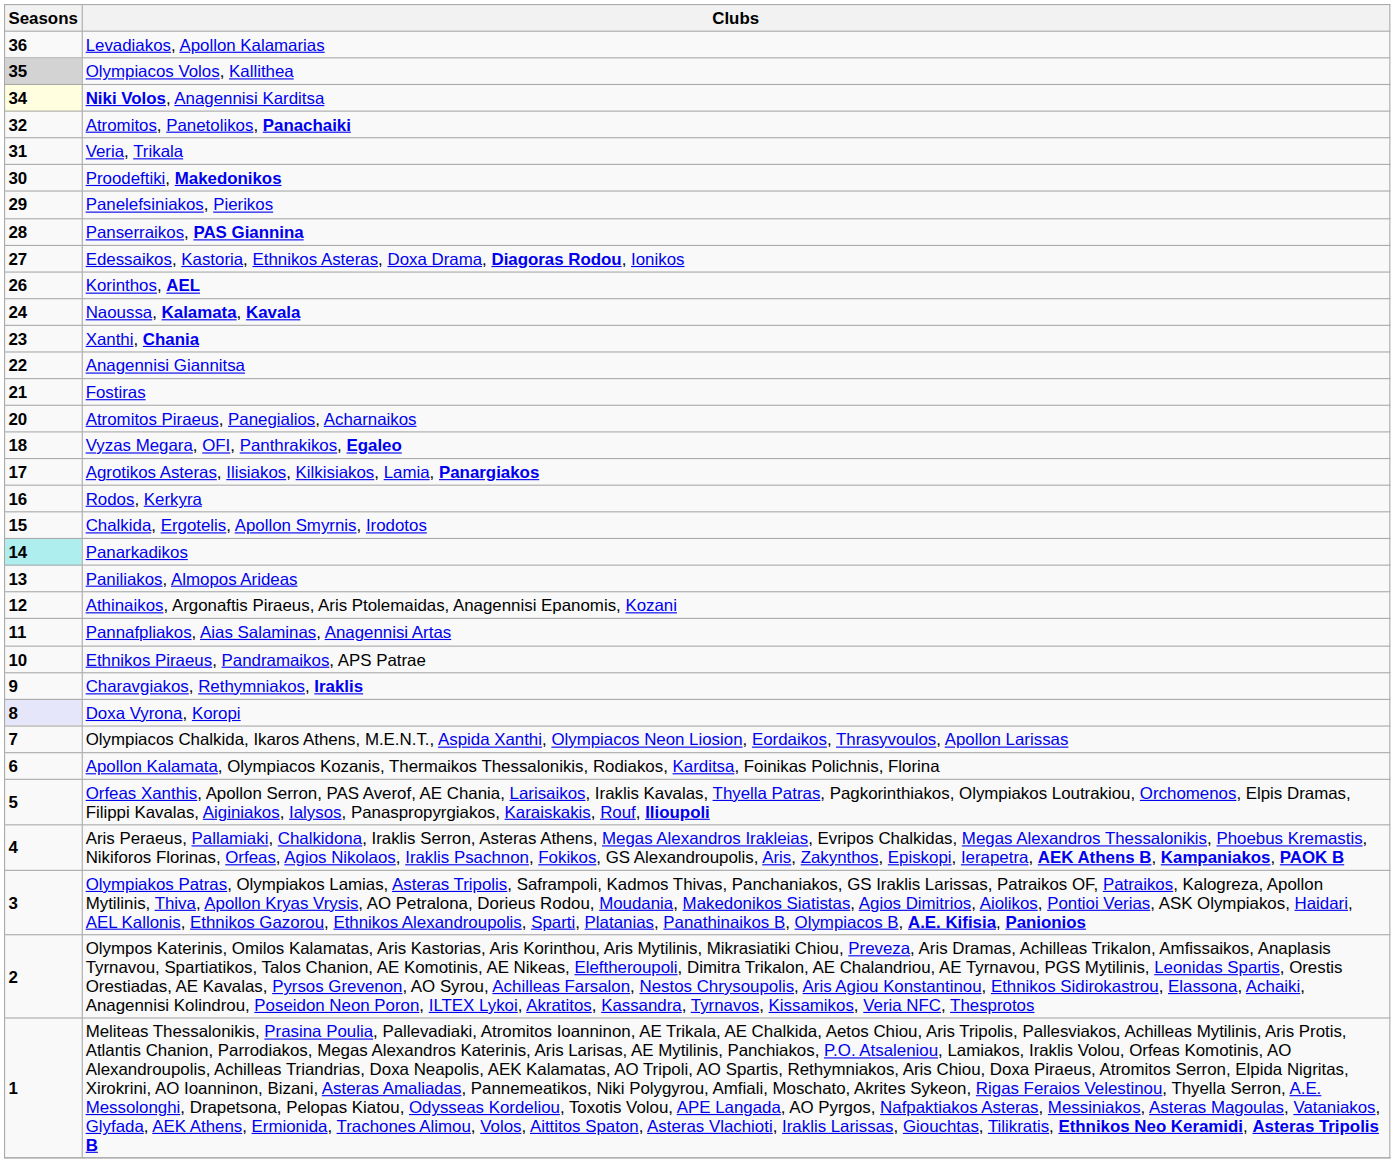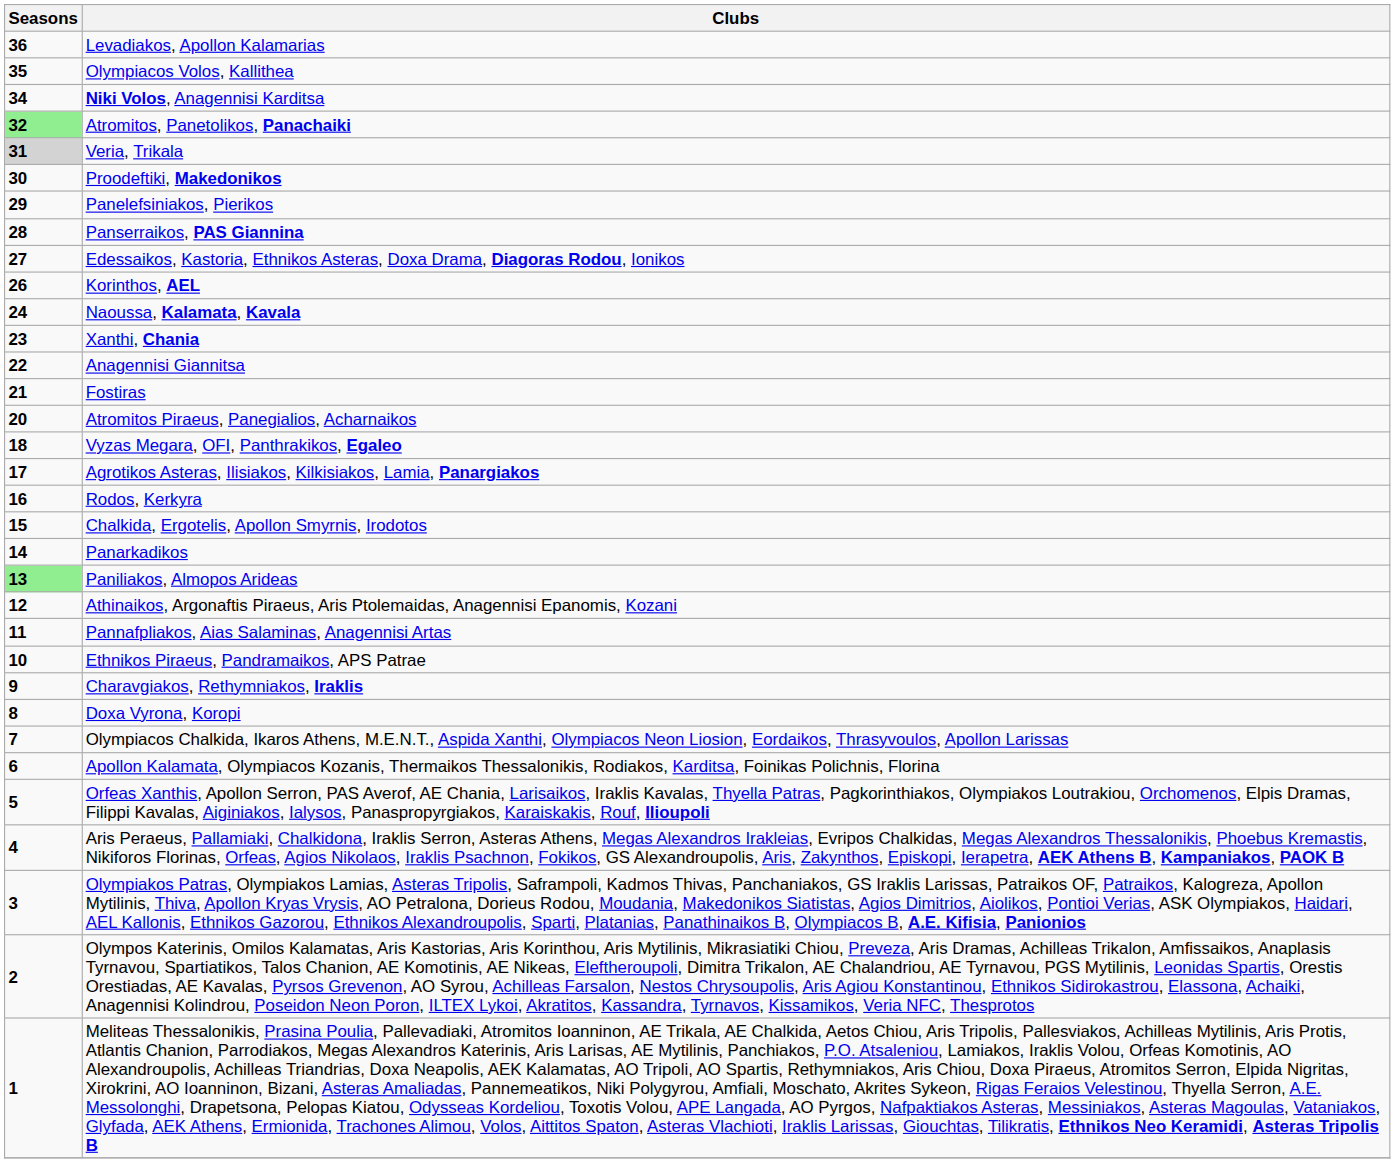 <table class="wikitable" ; style="font-size:95%">
 <tr>
 <th>Seasons</th>
 <th>Clubs</th>
 </tr>
 <tr>
 <td><strong>36</strong></td>
 <td><a href='#'>Levadiakos</a>, <a href='#'>Apollon Kalamarias</a></td>
 </tr>
 <tr>
-<td style="background: lightgrey;"><strong>35</strong></td>
+<td><strong>35</strong></td>
 <td><a href='#'>Olympiacos Volos</a>, <a href='#'>Kallithea</a></td>
 </tr>
 <tr>
-<td style="background: lightyellow;"><strong>34</strong></td>
+<td><strong>34</strong></td>
 <td><strong><a href='#'>Niki Volos</a></strong>, <a href='#'>Anagennisi Karditsa</a></td>
 </tr>
 <tr>
-<td><strong>32</strong></td>
+<td style="background: lightgreen;"><strong>32</strong></td>
 <td><a href='#'>Atromitos</a>, <a href='#'>Panetolikos</a>, <strong><a href='#'>Panachaiki</a> </strong></td>
 </tr>
 <tr>
-<td><strong>31</strong></td>
+<td style="background: lightgrey;"><strong>31</strong></td>
 <td><a href='#'>Veria</a>, <a href='#'>Trikala</a></td>
 </tr>
 <tr>
 <td><strong>30</strong></td>
 <td><a href='#'>Proodeftiki</a>, <strong><a href='#'>Makedonikos</a> </strong></td>
 </tr>
 <tr>
 <td><strong>29</strong></td>
 <td><a href='#'>Panelefsiniakos</a>, <a href='#'>Pierikos</a></td>
 </tr>
 <tr>
 <td><strong>28</strong></td>
 <td><a href='#'>Panserraikos</a>, <strong><a href='#'>PAS Giannina</a></strong></td>
 </tr>
 <tr>
 <td><strong>27</strong></td>
 <td><a href='#'>Edessaikos</a>, <a href='#'>Kastoria</a>, <a href='#'>Ethnikos Asteras</a>, <a href='#'>Doxa Drama</a>, <strong><a href='#'>Diagoras Rodou</a></strong>, <a href='#'>Ionikos</a></td>
 </tr>
 <tr>
 <td><strong>26</strong></td>
 <td><a href='#'>Korinthos</a>, <strong><a href='#'>AEL</a></strong></td>
 </tr>
 <tr>
 <td><strong>24</strong></td>
 <td><a href='#'>Naoussa</a>, <strong><a href='#'>Kalamata</a></strong>, <strong><a href='#'>Kavala</a></strong></td>
 </tr>
 <tr>
 <td><strong>23</strong></td>
 <td><a href='#'>Xanthi</a>, <strong><a href='#'>Chania</a></strong></td>
 </tr>
 <tr>
 <td><strong>22</strong></td>
 <td><a href='#'>Anagennisi Giannitsa</a></td>
 </tr>
 <tr>
 <td><strong>21</strong></td>
 <td><a href='#'>Fostiras</a></td>
 </tr>
 <tr>
 <td><strong>20</strong></td>
 <td><a href='#'>Atromitos Piraeus</a>, <a href='#'>Panegialios</a>, <a href='#'>Acharnaikos</a></td>
 </tr>
 <tr>
 <td><strong>18</strong></td>
 <td><a href='#'>Vyzas Megara</a>, <a href='#'>OFI</a>, <a href='#'>Panthrakikos</a>, <strong><a href='#'>Egaleo</a></strong></td>
 </tr>
 <tr>
 <td><strong>17</strong></td>
 <td><a href='#'>Agrotikos Asteras</a>, <a href='#'>Ilisiakos</a>, <a href='#'>Kilkisiakos</a>, <a href='#'>Lamia</a>, <strong><a href='#'>Panargiakos</a></strong></td>
 </tr>
 <tr>
 <td><strong>16</strong></td>
 <td><a href='#'>Rodos</a>, <a href='#'>Kerkyra</a></td>
 </tr>
 <tr>
 <td><strong>15</strong></td>
 <td><a href='#'>Chalkida</a>, <a href='#'>Ergotelis</a>, <a href='#'>Apollon Smyrnis</a>, <a href='#'>Irodotos</a></td>
 </tr>
 <tr>
-<td style="background: paleturquoise;"><strong>14</strong></td>
+<td><strong>14</strong></td>
 <td><a href='#'>Panarkadikos</a></td>
 </tr>
 <tr>
-<td><strong>13</strong></td>
+<td style="background: lightgreen;"><strong>13</strong></td>
 <td><a href='#'>Paniliakos</a>, <a href='#'>Almopos Arideas</a></td>
 </tr>
 <tr>
 <td><strong>12</strong></td>
 <td><a href='#'>Athinaikos</a>, Argonaftis Piraeus, Aris Ptolemaidas, Anagennisi Epanomis, <a href='#'>Kozani</a></td>
 </tr>
 <tr>
 <td><strong>11</strong></td>
 <td><a href='#'>Pannafpliakos</a>, <a href='#'>Aias Salaminas</a>, <a href='#'>Anagennisi Artas</a></td>
 </tr>
 <tr>
 <td><strong>10</strong></td>
 <td><a href='#'>Ethnikos Piraeus</a>, <a href='#'>Pandramaikos</a>, APS Patrae</td>
 </tr>
 <tr>
 <td><strong>9</strong></td>
 <td><a href='#'>Charavgiakos</a>, <a href='#'>Rethymniakos</a>, <strong><a href='#'>Iraklis</a></strong></td>
 </tr>
 <tr>
-<td style="background: lavender;"><strong>8</strong></td>
+<td><strong>8</strong></td>
 <td><a href='#'>Doxa Vyrona</a>, <a href='#'>Koropi</a></td>
 </tr>
 <tr>
 <td><strong>7</strong></td>
 <td>Olympiacos Chalkida, Ikaros Athens, M.E.N.T., <a href='#'>Aspida Xanthi</a>, <a href='#'>Olympiacos Neon Liosion</a>, <a href='#'>Eordaikos</a>, <a href='#'>Thrasyvoulos</a>, <a href='#'>Apollon Larissas</a></td>
 </tr>
 <tr>
 <td><strong>6</strong></td>
 <td><a href='#'>Apollon Kalamata</a>, Olympiacos Kozanis, Thermaikos Thessalonikis, Rodiakos, <a href='#'>Karditsa</a>, Foinikas Polichnis, Florina</td>
 </tr>
 <tr>
 <td><strong>5</strong></td>
 <td><a href='#'>Orfeas Xanthis</a>, Apollon Serron, PAS Averof, AE Chania, <a href='#'>Larisaikos</a>, Iraklis Kavalas, <a href='#'>Thyella Patras</a>, Pagkorinthiakos, Olympiakos Loutrakiou, <a href='#'>Orchomenos</a>, Elpis Dramas, Filippi Kavalas, <a href='#'>Aiginiakos</a>, <a href='#'>Ialysos</a>, Panaspropyrgiakos, <a href='#'>Karaiskakis</a>, <a href='#'>Rouf</a>, <strong><a href='#'>Ilioupoli</a></strong></td>
 </tr>
 <tr>
 <td><strong>4</strong></td>
 <td>Aris Peraeus, <a href='#'>Pallamiaki</a>, <a href='#'>Chalkidona</a>, Iraklis Serron, Asteras Athens, <a href='#'>Megas Alexandros Irakleias</a>, Evripos Chalkidas, <a href='#'>Megas Alexandros Thessalonikis</a>, <a href='#'>Phoebus Kremastis</a>, Nikiforos Florinas, <a href='#'>Orfeas</a>, <a href='#'>Agios Nikolaos</a>, <a href='#'>Iraklis Psachnon</a>, <a href='#'>Fokikos</a>, GS Alexandroupolis, <a href='#'>Aris</a>, <a href='#'>Zakynthos</a>, <a href='#'>Episkopi</a>, <a href='#'>Ierapetra</a>, <strong> <a href='#'>AEK Athens B</a></strong>, <strong><a href='#'>Kampaniakos</a></strong>, <strong><a href='#'>PAOK B</a></strong></td>
 </tr>
 <tr>
 <td><strong>3</strong></td>
 <td><a href='#'>Olympiakos Patras</a>, Olympiakos Lamias, <a href='#'>Asteras Tripolis</a>, Saframpoli, Kadmos Thivas, Panchaniakos, GS Iraklis Larissas, Patraikos OF, <a href='#'>Patraikos</a>, Kalogreza, Apollon Mytilinis, <a href='#'>Thiva</a>, <a href='#'>Apollon Kryas Vrysis</a>, AO Petralona, Dorieus Rodou, <a href='#'>Moudania</a>, <a href='#'>Makedonikos Siatistas</a>, <a href='#'>Agios Dimitrios</a>, <a href='#'>Aiolikos</a>, <a href='#'>Pontioi Verias</a>, ASK Olympiakos, <a href='#'>Haidari</a>, <a href='#'>AEL Kallonis</a>, <a href='#'>Ethnikos Gazorou</a>, <a href='#'>Ethnikos Alexandroupolis</a>, <a href='#'>Sparti</a>, <a href='#'>Platanias</a>, <a href='#'>Panathinaikos B</a>,  <a href='#'>Olympiacos B</a>, <strong><a href='#'>A.E. Kifisia</a></strong>, <strong><a href='#'>Panionios</a></strong></td>
 </tr>
 <tr>
 <td><strong>2</strong></td>
 <td>Olympos Katerinis, Omilos Kalamatas, Aris Kastorias,  Aris Korinthou, Aris Mytilinis, Mikrasiatiki Chiou, <a href='#'>Preveza</a>, Aris Dramas, Achilleas Trikalon, Amfissaikos, Anaplasis Tyrnavou, Spartiatikos, Talos Chanion, AE Komotinis, AE Nikeas, <a href='#'>Eleftheroupoli</a>, Dimitra Trikalon, AE Chalandriou, AE Tyrnavou, PGS Mytilinis, <a href='#'>Leonidas Spartis</a>, Orestis Orestiadas, AE Kavalas, <a href='#'>Pyrsos Grevenon</a>, AO Syrou, <a href='#'>Achilleas Farsalon</a>, <a href='#'>Nestos Chrysoupolis</a>, <a href='#'>Aris Agiou Konstantinou</a>, <a href='#'>Ethnikos Sidirokastrou</a>, <a href='#'>Elassona</a>, <a href='#'>Achaiki</a>, Anagennisi Kolindrou, <a href='#'>Poseidon Neon Poron</a>, <a href='#'>ILTEX Lykoi</a>, <a href='#'>Akratitos</a>, <a href='#'>Kassandra</a>, <a href='#'>Tyrnavos</a>, <a href='#'>Kissamikos</a>, <a href='#'>Veria NFC</a>, <a href='#'>Thesprotos</a></td>
 </tr>
 <tr>
 <td><strong>1</strong></td>
 <td>Meliteas Thessalonikis, <a href='#'>Prasina Poulia</a>, Pallevadiaki, Atromitos Ioanninon, AE Trikala, AE Chalkida, Aetos Chiou, Aris Tripolis, Pallesviakos, Achilleas Mytilinis, Aris Protis, Atlantis Chanion,  Parrodiakos, Megas Alexandros Katerinis, Aris Larisas, AE Mytilinis, Panchiakos, <a href='#'>P.O. Atsaleniou</a>, Lamiakos, Iraklis Volou, Orfeas Komotinis, AO Alexandroupolis, Achilleas Triandrias, Doxa Neapolis, AEK Kalamatas, AO Tripoli, AO Spartis, Rethymniakos, Aris Chiou,  Doxa Piraeus, Atromitos Serron, Elpida Nigritas, Xirokrini, AO Ioanninon, Bizani, <a href='#'>Asteras Amaliadas</a>, Pannemeatikos, Niki Polygyrou, Amfiali, Moschato, Akrites Sykeon, <a href='#'>Rigas Feraios Velestinou</a>, Thyella Serron, <a href='#'>A.E. Messolonghi</a>, Drapetsona, Pelopas Kiatou, <a href='#'>Odysseas Kordeliou</a>, Toxotis Volou, <a href='#'>APE Langada</a>, AO Pyrgos, <a href='#'>Nafpaktiakos Asteras</a>, <a href='#'>Messiniakos</a>, <a href='#'>Asteras Magoulas</a>, <a href='#'>Vataniakos</a>, <a href='#'>Glyfada</a>, <a href='#'>AEK Athens</a>, <a href='#'>Ermionida</a>, <a href='#'>Trachones Alimou</a>, <a href='#'>Volos</a>, <a href='#'>Aittitos Spaton</a>, <a href='#'>Asteras Vlachioti</a>, <a href='#'>Iraklis Larissas</a>, <a href='#'>Giouchtas</a>, <a href='#'>Tilikratis</a>, <strong><a href='#'>Ethnikos Neo Keramidi</a></strong>, <strong><a href='#'>Asteras Tripolis B</a></strong></td>
 </tr>
 <tr>
 </tr>
 </table>
